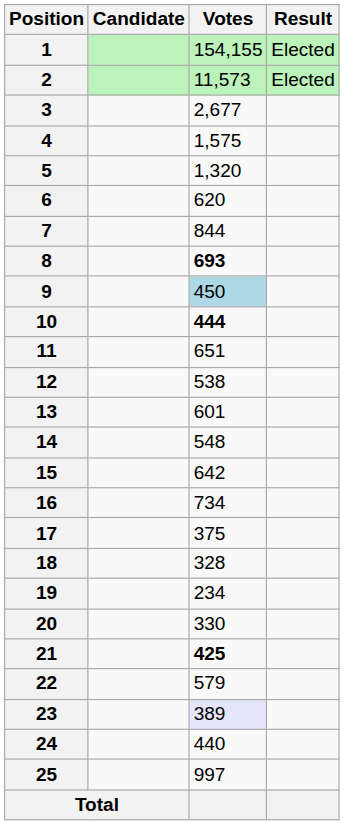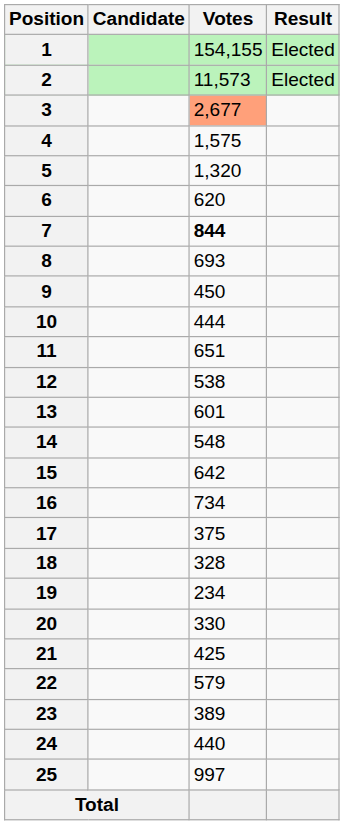 <table class="wikitable sortable col3right">
 <tr>
 <th scope="col">Position</th>
 <th scope="col">Candidate</th>
 <th scope="col">Votes</th>
 <th scope="col">Result</th>
 </tr>
 <tr bgcolor=bbf3bb>
 <th scope="row">1</th>
 <td></td>
 <td>154,155</td>
 <td>Elected</td>
 </tr>
 <tr bgcolor=bbf3bb>
 <th scope="row">2</th>
 <td></td>
 <td>11,573</td>
 <td>Elected</td>
 </tr>
 <tr>
 <th scope="row">3</th>
 <td></td>
-<td>2,677</td>
+<td style="background: lightsalmon;">2,677</td>
 <td></td>
 </tr>
 <tr>
 <th scope="row">4</th>
 <td></td>
 <td>1,575</td>
 <td></td>
 </tr>
 <tr>
 <th scope="row">5</th>
 <td></td>
 <td>1,320</td>
 <td></td>
 </tr>
 <tr>
 <th scope="row">6</th>
 <td></td>
 <td>620</td>
 <td></td>
 </tr>
 <tr>
 <th scope="row">7</th>
 <td></td>
-<td>844</td>
+<td><strong>844</strong></td>
 <td></td>
 </tr>
 <tr>
 <th scope="row">8</th>
 <td></td>
-<td><strong>693</strong></td>
+<td>693</td>
 <td></td>
 </tr>
 <tr>
 <th scope="row">9</th>
 <td></td>
-<td style="background: lightblue;">450</td>
+<td>450</td>
 <td></td>
 </tr>
 <tr>
 <th scope="row">10</th>
 <td></td>
-<td><strong>444</strong></td>
+<td>444</td>
 <td></td>
 </tr>
 <tr>
 <th scope="row">11</th>
 <td></td>
 <td>651</td>
 <td></td>
 </tr>
 <tr>
 <th scope="row">12</th>
 <td></td>
 <td>538</td>
 <td></td>
 </tr>
 <tr>
 <th scope="row">13</th>
 <td></td>
 <td>601</td>
 <td></td>
 </tr>
 <tr>
 <th scope="row">14</th>
 <td></td>
 <td>548</td>
 <td></td>
 </tr>
 <tr>
 <th scope="row">15</th>
 <td></td>
 <td>642</td>
 <td></td>
 </tr>
 <tr>
 <th scope="row">16</th>
 <td></td>
 <td>734</td>
 <td></td>
 </tr>
 <tr>
 <th scope="row">17</th>
 <td></td>
 <td>375</td>
 <td></td>
 </tr>
 <tr>
 <th scope="row">18</th>
 <td></td>
 <td>328</td>
 <td></td>
 </tr>
 <tr>
 <th scope="row">19</th>
 <td></td>
 <td>234</td>
 <td></td>
 </tr>
 <tr>
 <th scope="row">20</th>
 <td></td>
 <td>330</td>
 <td></td>
 </tr>
 <tr>
 <th scope="row">21</th>
 <td></td>
-<td><strong>425</strong></td>
+<td>425</td>
 <td></td>
 </tr>
 <tr>
 <th scope="row">22</th>
 <td></td>
 <td>579</td>
 <td></td>
 </tr>
 <tr>
 <th scope="row">23</th>
 <td></td>
-<td style="background: lavender;">389</td>
+<td>389</td>
 <td></td>
 </tr>
 <tr>
 <th scope="row">24</th>
 <td></td>
 <td>440</td>
 <td></td>
 </tr>
 <tr>
 <th scope="row">25</th>
 <td></td>
 <td>997</td>
 <td></td>
 </tr>
 <tr class="sortbottom">
 <th scope="row" colspan="2">Total</th>
 <th></th>
 <th></th>
 </tr>
 </table>
